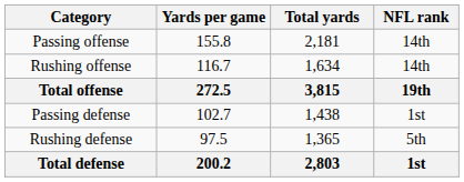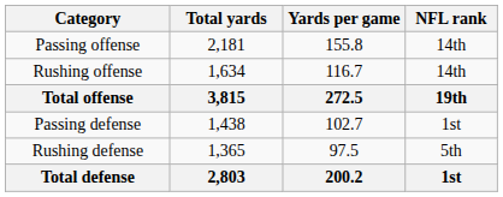 <table class="wikitable" style="text-align:center">
 <tr>
 <th width=150px>Category</th>
+<th width=100px>Total yards</th>
 <th width=110px>Yards per game</th>
-<th width=100px>Total yards</th>
 <th width=80px>NFL rank<br></th>
 </tr>
 <tr>
 <td>Passing offense</td>
+<td>2,181</td>
 <td>155.8</td>
-<td>2,181</td>
 <td>14th</td>
 </tr>
 <tr>
 <td>Rushing offense</td>
+<td>1,634</td>
 <td>116.7</td>
-<td>1,634</td>
 <td>14th</td>
 </tr>
 <tr>
 <th>Total offense</th>
+<th>3,815</th>
 <th>272.5</th>
-<th>3,815</th>
 <th>19th</th>
 </tr>
 <tr>
 <td>Passing defense</td>
+<td>1,438</td>
 <td>102.7</td>
-<td>1,438</td>
 <td>1st</td>
 </tr>
 <tr>
 <td>Rushing defense</td>
+<td>1,365</td>
 <td>97.5</td>
-<td>1,365</td>
 <td>5th</td>
 </tr>
 <tr>
 <th>Total defense</th>
+<th>2,803</th>
 <th>200.2</th>
-<th>2,803</th>
 <th>1st</th>
 </tr>
 </table>
